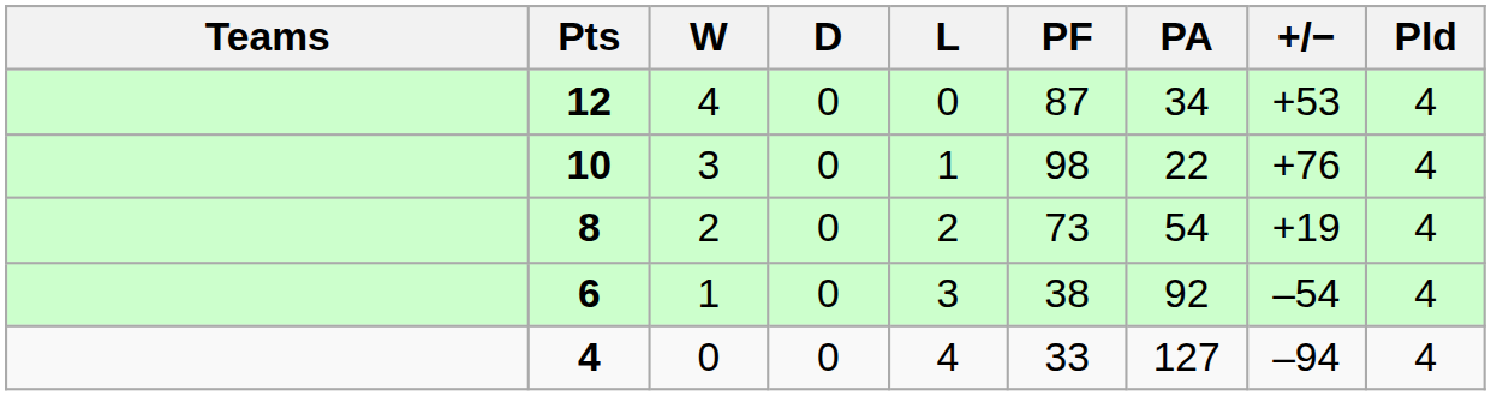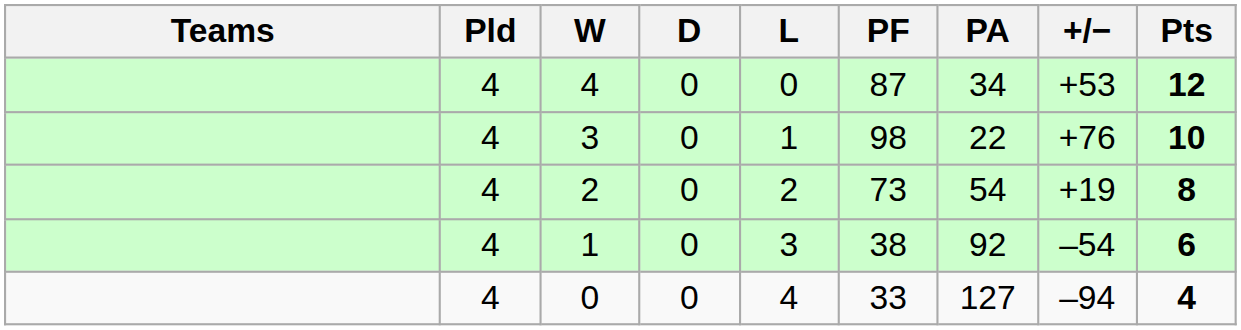 <table class="wikitable" style="text-align: center;">
 <tr>
 <th width="200">Teams</th>
-<th width="40">Pts</th>
+<th width="40">Pld</th>
 <th width="40">W</th>
 <th width="40">D</th>
 <th width="40">L</th>
 <th width="40">PF</th>
 <th width="40">PA</th>
 <th width="40">+/−</th>
-<th width="40">Pld</th>
+<th width="40">Pts</th>
 </tr>
 <tr bgcolor=ccffcc>
 <td align=left></td>
-<td><strong>12</strong></td>
+<td>4</td>
 <td>4</td>
 <td>0</td>
 <td>0</td>
 <td>87</td>
 <td>34</td>
 <td>+53</td>
-<td>4</td>
+<td><strong>12</strong></td>
 </tr>
 <tr bgcolor=ccffcc>
 <td align=left></td>
-<td><strong>10</strong></td>
+<td>4</td>
 <td>3</td>
 <td>0</td>
 <td>1</td>
 <td>98</td>
 <td>22</td>
 <td>+76</td>
-<td>4</td>
+<td><strong>10</strong></td>
 </tr>
 <tr bgcolor=ccffcc>
 <td align=left></td>
-<td><strong>8</strong></td>
+<td>4</td>
 <td>2</td>
 <td>0</td>
 <td>2</td>
 <td>73</td>
 <td>54</td>
 <td>+19</td>
-<td>4</td>
+<td><strong>8</strong></td>
 </tr>
 <tr bgcolor=ccffcc>
 <td align=left></td>
-<td><strong>6</strong></td>
+<td>4</td>
 <td>1</td>
 <td>0</td>
 <td>3</td>
 <td>38</td>
 <td>92</td>
 <td>–54</td>
-<td>4</td>
+<td><strong>6</strong></td>
 </tr>
 <tr>
 <td align=left></td>
-<td><strong>4</strong></td>
+<td>4</td>
 <td>0</td>
 <td>0</td>
 <td>4</td>
 <td>33</td>
 <td>127</td>
 <td>–94</td>
-<td>4</td>
+<td><strong>4</strong></td>
 </tr>
 </table>
